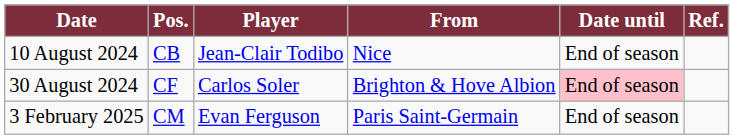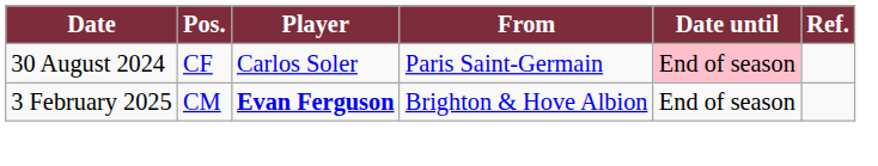 <table class="wikitable plainrowheaders sortable">
 <tr>
 <th style="background:#7C2C3B; color:#FFFFFF; ">Date</th>
 <th style="background:#7C2C3B; color:#FFFFFF; ">Pos.</th>
 <th style="background:#7C2C3B; color:#FFFFFF; ">Player</th>
 <th style="background:#7C2C3B; color:#FFFFFF; ">From</th>
 <th style="background:#7C2C3B; color:#FFFFFF; ">Date until</th>
 <th style="background:#7C2C3B; color:#FFFFFF; ">Ref.</th>
 </tr>
 <tr>
-<td>10 August 2024</td>
-<td><a href='#'>CB</a></td>
-<td> <a href='#'>Jean-Clair Todibo</a></td>
-<td> <a href='#'>Nice</a></td>
-<td>End of season</td>
-<td></td>
-</tr>
-<tr>
 <td>30 August 2024</td>
 <td><a href='#'>CF</a></td>
 <td> <a href='#'>Carlos Soler</a></td>
-<td> <a href='#'>Brighton & Hove Albion</a></td>
+<td> <a href='#'>Paris Saint-Germain</a></td>
 <td style="background: pink;">End of season</td>
 <td></td>
 </tr>
 <tr>
 <td>3 February 2025</td>
 <td><a href='#'>CM</a></td>
-<td> <a href='#'>Evan Ferguson</a></td>
-<td> <a href='#'>Paris Saint-Germain</a></td>
+<td><strong> <a href='#'>Evan Ferguson</a></strong></td>
+<td> <a href='#'>Brighton & Hove Albion</a></td>
 <td>End of season</td>
 <td></td>
 </tr>
 </table>
